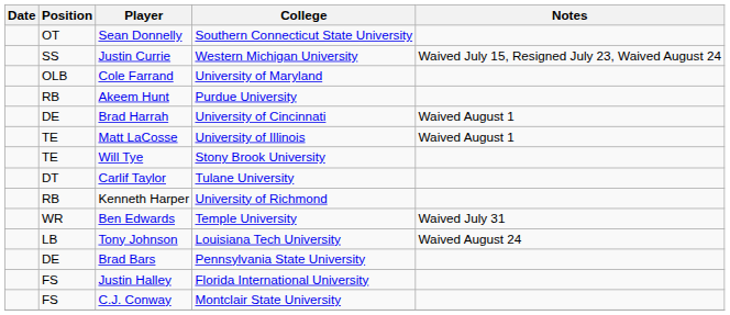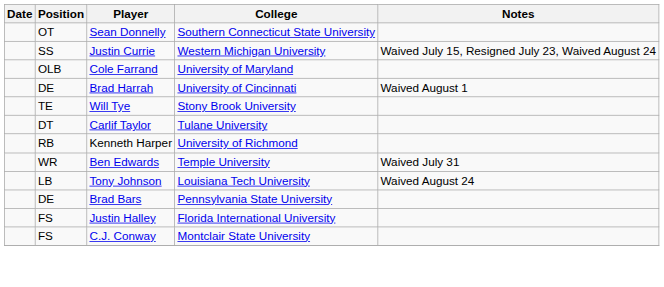 <table class="wikitable sortable" style="font-size: 95%;">
 <tr>
 <th>Date</th>
 <th>Position</th>
 <th>Player</th>
 <th>College</th>
 <th>Notes</th>
 </tr>
 <tr>
 <td></td>
 <td>OT</td>
 <td><a href='#'>Sean Donnelly</a></td>
 <td><a href='#'>Southern Connecticut State University</a></td>
 <td></td>
 </tr>
 <tr>
 <td></td>
 <td>SS</td>
 <td><a href='#'>Justin Currie</a></td>
 <td><a href='#'>Western Michigan University</a></td>
 <td>Waived July 15, Resigned July 23, Waived August 24</td>
 </tr>
 <tr>
 <td></td>
 <td>OLB</td>
 <td><a href='#'>Cole Farrand</a></td>
 <td><a href='#'>University of Maryland</a></td>
 <td></td>
 </tr>
 <tr>
 <td></td>
-<td>RB</td>
-<td><a href='#'>Akeem Hunt</a></td>
-<td><a href='#'>Purdue University</a></td>
-<td></td>
-</tr>
-<tr>
-<td></td>
 <td>DE</td>
 <td><a href='#'>Brad Harrah</a></td>
 <td><a href='#'>University of Cincinnati</a></td>
-<td>Waived August 1</td>
-</tr>
-<tr>
-<td></td>
-<td>TE</td>
-<td><a href='#'>Matt LaCosse</a></td>
-<td><a href='#'>University of Illinois</a></td>
 <td>Waived August 1</td>
 </tr>
 <tr>
 <td></td>
 <td>TE</td>
 <td><a href='#'>Will Tye</a></td>
 <td><a href='#'>Stony Brook University</a></td>
 <td></td>
 </tr>
 <tr>
 <td></td>
 <td>DT</td>
 <td><a href='#'>Carlif Taylor</a></td>
 <td><a href='#'>Tulane University</a></td>
 <td></td>
 </tr>
 <tr>
 <td></td>
 <td>RB</td>
 <td>Kenneth Harper</td>
 <td><a href='#'>University of Richmond</a></td>
 <td></td>
 </tr>
 <tr>
 <td></td>
 <td>WR</td>
 <td><a href='#'>Ben Edwards</a></td>
 <td><a href='#'>Temple University</a></td>
 <td>Waived July 31</td>
 </tr>
 <tr>
 <td></td>
 <td>LB</td>
 <td><a href='#'>Tony Johnson</a></td>
 <td><a href='#'>Louisiana Tech University</a></td>
 <td>Waived August 24</td>
 </tr>
 <tr>
 <td></td>
 <td>DE</td>
 <td><a href='#'>Brad Bars</a></td>
 <td><a href='#'>Pennsylvania State University</a></td>
 <td></td>
 </tr>
 <tr>
 <td></td>
 <td>FS</td>
 <td><a href='#'>Justin Halley</a></td>
 <td><a href='#'>Florida International University</a></td>
 <td></td>
 </tr>
 <tr>
 <td></td>
 <td>FS</td>
 <td><a href='#'>C.J. Conway</a></td>
 <td><a href='#'>Montclair State University</a></td>
 <td></td>
 </tr>
 <tr>
 </tr>
 </table>
